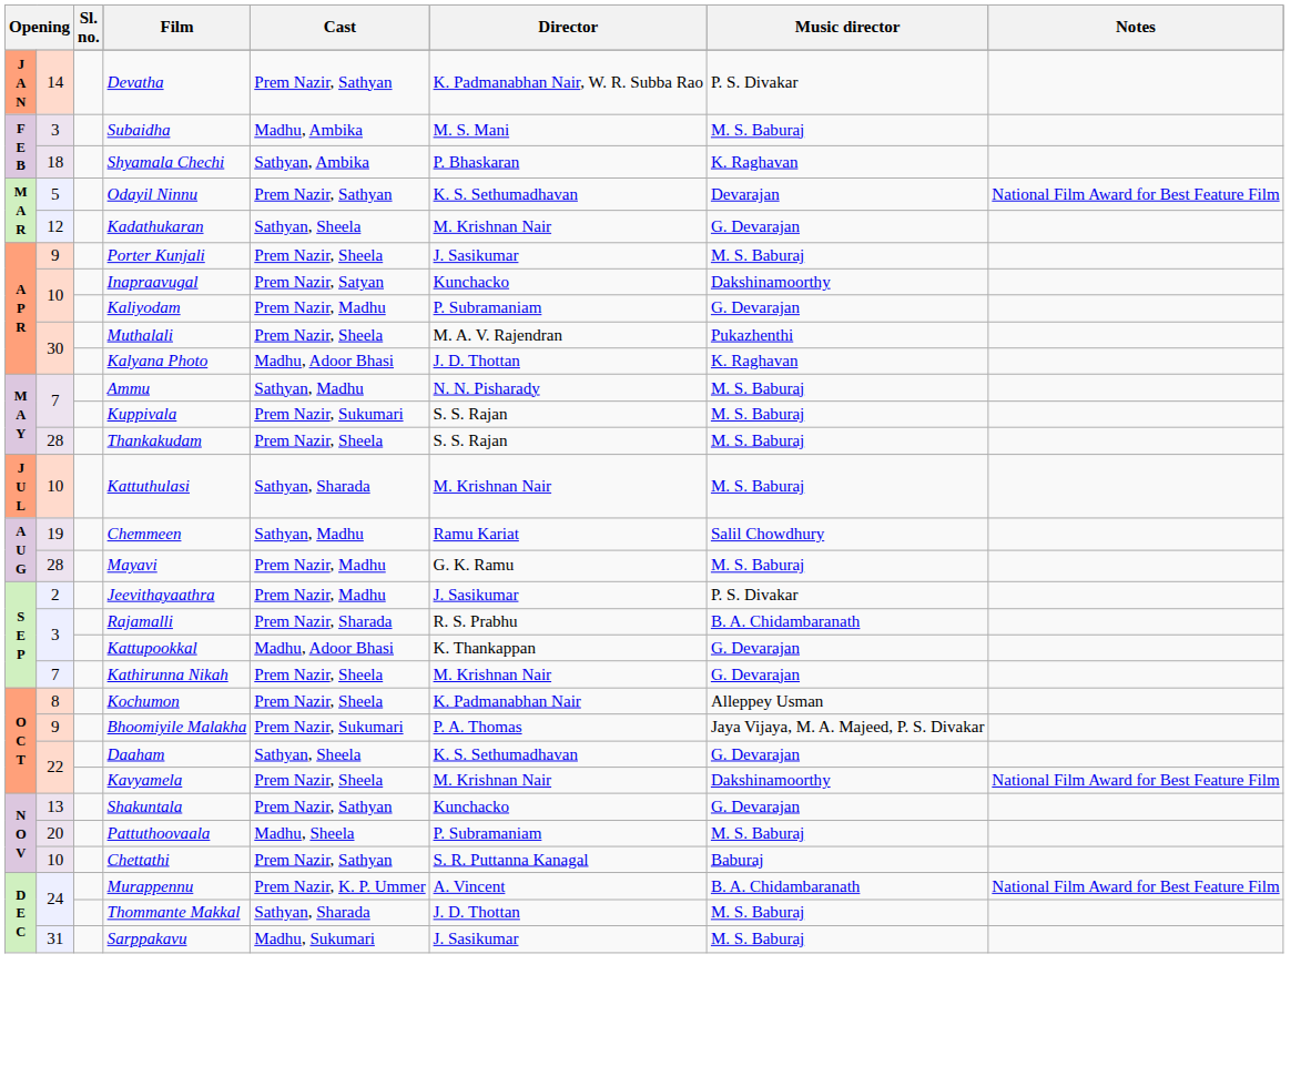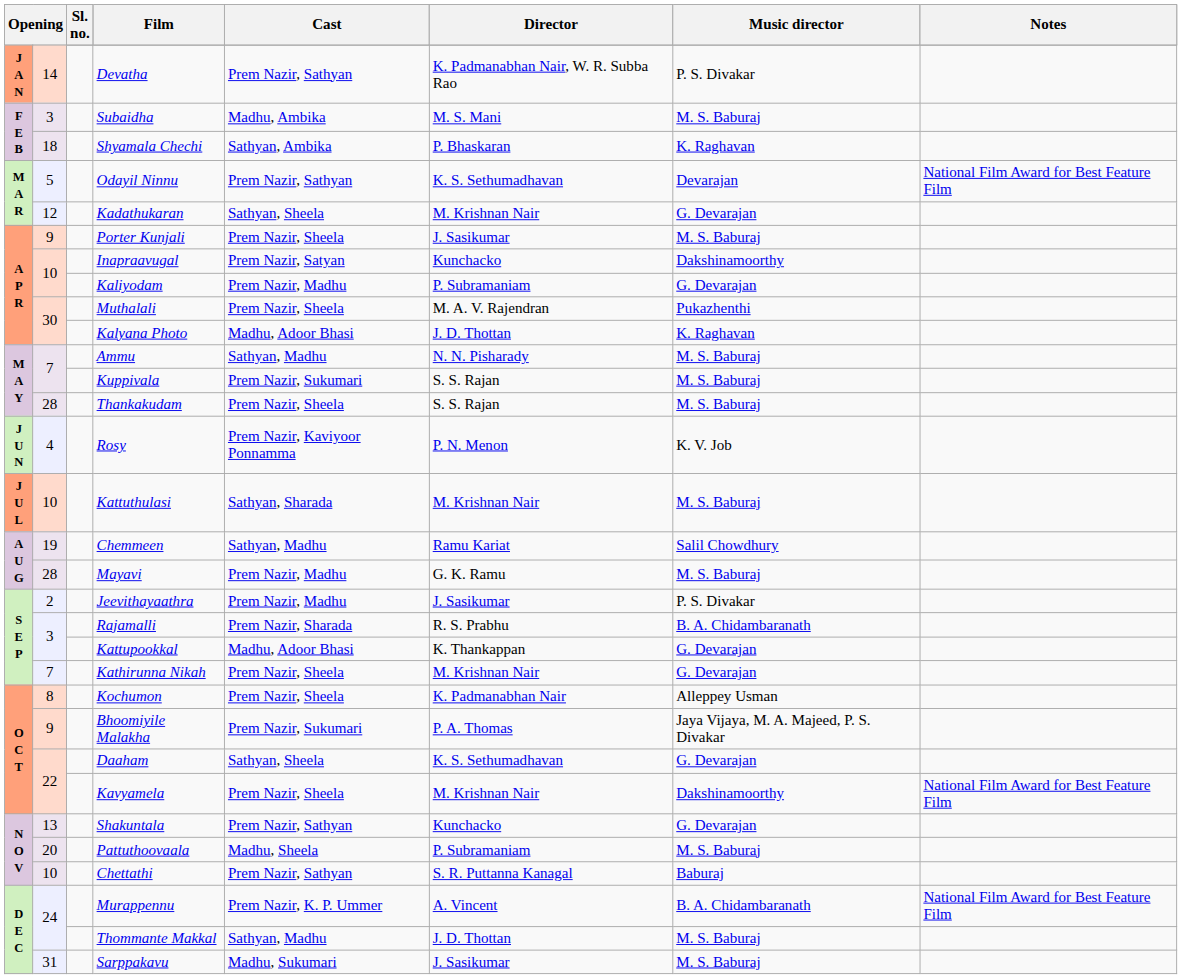 <table class="wikitable">
 <tr style="background:#000;">
 <th colspan='2'>Opening</th>
 <th>Sl.<br>no.</th>
 <th>Film</th>
 <th>Cast</th>
 <th>Director</th>
 <th>Music director</th>
 <th>Notes</th>
 </tr>
 <tr>
 <td rowspan="1" style="text-align:center; background:#ffa07a; textcolor:#000;"><small><strong>J<br>A<br>N</strong></small></td>
 <td rowspan="1"  style="text-align:center; background:#ffdacc; textcolor:#000;">14</td>
 <td valign="center"></td>
 <td><em><a href='#'>Devatha</a></em></td>
 <td><a href='#'>Prem Nazir</a>, <a href='#'>Sathyan</a></td>
 <td><a href='#'>K. Padmanabhan Nair</a>, W. R. Subba Rao</td>
 <td>P. S. Divakar</td>
 <td></td>
 </tr>
 <tr>
 <td rowspan="2" style="text-align:center; background:#dcc7df; textcolor:#000;"><small><strong>F<br>E<br>B</strong></small></td>
 <td rowspan="1"  style="text-align:center; background:#ede3ef; textcolor:#000;">3</td>
 <td valign="center"></td>
 <td><em><a href='#'>Subaidha</a></em></td>
 <td><a href='#'>Madhu</a>, <a href='#'>Ambika</a></td>
 <td><a href='#'>M. S. Mani</a></td>
 <td><a href='#'>M. S. Baburaj</a></td>
 <td></td>
 </tr>
 <tr>
 <td rowspan="1"  style="text-align:center; background:#ede3ef; textcolor:#000;">18</td>
 <td valign="center"></td>
 <td><em><a href='#'>Shyamala Chechi</a></em></td>
 <td><a href='#'>Sathyan</a>, <a href='#'>Ambika</a></td>
 <td><a href='#'>P. Bhaskaran</a></td>
 <td><a href='#'>K. Raghavan</a></td>
 <td></td>
 </tr>
 <tr>
 <td rowspan="2" style="text-align:center; background:#d0f0c0; textcolor:#000;"><small><strong>M<br>A<br>R</strong></small></td>
 <td rowspan="1"  style="text-align:center; background:#edefff; textcolor:#000;">5</td>
 <td valign="center"></td>
 <td><em><a href='#'>Odayil Ninnu</a></em></td>
 <td><a href='#'>Prem Nazir</a>, <a href='#'>Sathyan</a></td>
 <td><a href='#'>K. S. Sethumadhavan</a></td>
 <td><a href='#'>Devarajan</a></td>
 <td><a href='#'>National Film Award for Best Feature Film</a></td>
 </tr>
 <tr>
 <td rowspan="1"  style="text-align:center; background:#edefff; textcolor:#000;">12</td>
 <td valign="center"></td>
 <td><em><a href='#'>Kadathukaran</a></em></td>
 <td><a href='#'>Sathyan</a>, <a href='#'>Sheela</a></td>
 <td><a href='#'>M. Krishnan Nair</a></td>
 <td><a href='#'>G. Devarajan</a></td>
 <td></td>
 </tr>
 <tr>
 <td rowspan="5" style="text-align:center; background:#ffa07a; textcolor:#000;"><small><strong>A<br>P<br>R</strong></small></td>
 <td rowspan="1"  style="text-align:center; background:#ffdacc; textcolor:#000;">9</td>
 <td valign="center"></td>
 <td><em><a href='#'>Porter Kunjali</a></em></td>
 <td><a href='#'>Prem Nazir</a>, <a href='#'>Sheela</a></td>
 <td><a href='#'>J. Sasikumar</a></td>
 <td><a href='#'>M. S. Baburaj</a></td>
 <td></td>
 </tr>
 <tr>
 <td rowspan="2"  style="text-align:center; background:#ffdacc; textcolor:#000;">10</td>
 <td valign="center"></td>
 <td><em><a href='#'>Inapraavugal</a></em></td>
 <td><a href='#'>Prem Nazir</a>, <a href='#'>Satyan</a></td>
 <td><a href='#'>Kunchacko</a></td>
 <td><a href='#'>Dakshinamoorthy</a></td>
 <td></td>
 </tr>
 <tr>
 <td valign="center"></td>
 <td><em><a href='#'>Kaliyodam</a></em></td>
 <td><a href='#'>Prem Nazir</a>, <a href='#'>Madhu</a></td>
 <td><a href='#'>P. Subramaniam</a></td>
 <td><a href='#'>G. Devarajan</a></td>
 <td></td>
 </tr>
 <tr>
 <td rowspan="2"  style="text-align:center; background:#ffdacc; textcolor:#000;">30</td>
 <td valign="center"></td>
 <td><em><a href='#'>Muthalali</a></em></td>
 <td><a href='#'>Prem Nazir</a>, <a href='#'>Sheela</a></td>
 <td>M. A. V. Rajendran</td>
 <td><a href='#'>Pukazhenthi</a></td>
 <td></td>
 </tr>
 <tr>
 <td valign="center"></td>
 <td><em><a href='#'>Kalyana Photo</a></em></td>
 <td><a href='#'>Madhu</a>, <a href='#'>Adoor Bhasi</a></td>
 <td><a href='#'>J. D. Thottan</a></td>
 <td><a href='#'>K. Raghavan</a></td>
 <td></td>
 </tr>
 <tr>
 <td rowspan="3" style="text-align:center; background:#dcc7df; textcolor:#000;"><small><strong>M<br>A<br>Y</strong></small></td>
 <td rowspan="2"  style="text-align:center; background:#ede3ef; textcolor:#000;">7</td>
 <td valign="center"></td>
 <td><em><a href='#'>Ammu</a></em></td>
 <td><a href='#'>Sathyan</a>, <a href='#'>Madhu</a></td>
 <td><a href='#'>N. N. Pisharady</a></td>
 <td><a href='#'>M. S. Baburaj</a></td>
 <td></td>
 </tr>
 <tr>
 <td valign="center"></td>
 <td><em><a href='#'>Kuppivala</a></em></td>
 <td><a href='#'>Prem Nazir</a>, <a href='#'>Sukumari</a></td>
 <td>S. S. Rajan</td>
 <td><a href='#'>M. S. Baburaj</a></td>
 <td></td>
 </tr>
 <tr>
 <td rowspan="1"  style="text-align:center; background:#ede3ef; textcolor:#000;">28</td>
 <td valign="center"></td>
 <td><em><a href='#'>Thankakudam</a></em></td>
 <td><a href='#'>Prem Nazir</a>, <a href='#'>Sheela</a></td>
 <td>S. S. Rajan</td>
 <td><a href='#'>M. S. Baburaj</a></td>
+<td></td>
+</tr>
+<tr>
+<td rowspan="1" style="text-align:center; background:#d0f0c0; textcolor:#000;"><small><strong>J<br>U<br>N</strong></small></td>
+<td rowspan="1"  style="text-align:center; background:#edefff; textcolor:#000;">4</td>
+<td valign="center"></td>
+<td><em><a href='#'>Rosy</a></em></td>
+<td><a href='#'>Prem Nazir</a>, <a href='#'>Kaviyoor Ponnamma</a></td>
+<td><a href='#'>P. N. Menon</a></td>
+<td>K. V. Job</td>
 <td></td>
 </tr>
 <tr>
 <td rowspan="1" style="text-align:center; background:#ffa07a; textcolor:#000;"><small><strong>J<br>U<br>L</strong></small></td>
 <td rowspan="1"  style="text-align:center; background:#ffdacc; textcolor:#000;">10</td>
 <td valign="center"></td>
 <td><em><a href='#'>Kattuthulasi</a></em></td>
 <td><a href='#'>Sathyan</a>, <a href='#'>Sharada</a></td>
 <td><a href='#'>M. Krishnan Nair</a></td>
 <td><a href='#'>M. S. Baburaj</a></td>
 <td></td>
 </tr>
 <tr>
 <td rowspan="2" style="text-align:center; background:#dcc7df; textcolor:#000;"><small><strong>A<br>U<br>G</strong></small></td>
 <td rowspan="1"  style="text-align:center; background:#ede3ef; textcolor:#000;">19</td>
 <td valign="center"></td>
 <td><em><a href='#'>Chemmeen</a></em></td>
 <td><a href='#'>Sathyan</a>, <a href='#'>Madhu</a></td>
 <td><a href='#'>Ramu Kariat</a></td>
 <td><a href='#'>Salil Chowdhury</a></td>
 <td></td>
 </tr>
 <tr>
 <td rowspan="1"  style="text-align:center; background:#ede3ef; textcolor:#000;">28</td>
 <td valign="center"></td>
 <td><em><a href='#'>Mayavi</a></em></td>
 <td><a href='#'>Prem Nazir</a>, <a href='#'>Madhu</a></td>
 <td>G. K. Ramu</td>
 <td><a href='#'>M. S. Baburaj</a></td>
 <td></td>
 </tr>
 <tr>
 <td rowspan="4" style="text-align:center; background:#d0f0c0; textcolor:#000;"><small><strong>S<br>E<br>P</strong></small></td>
 <td rowspan="1"  style="text-align:center; background:#edefff; textcolor:#000;">2</td>
 <td valign="center"></td>
 <td><em><a href='#'>Jeevithayaathra</a></em></td>
 <td><a href='#'>Prem Nazir</a>, <a href='#'>Madhu</a></td>
 <td><a href='#'>J. Sasikumar</a></td>
 <td>P. S. Divakar</td>
 <td></td>
 </tr>
 <tr>
 <td rowspan="2"  style="text-align:center; background:#edefff; textcolor:#000;">3</td>
 <td valign="center"></td>
 <td><em><a href='#'>Rajamalli</a></em></td>
 <td><a href='#'>Prem Nazir</a>, <a href='#'>Sharada</a></td>
 <td>R. S. Prabhu</td>
 <td><a href='#'>B. A. Chidambaranath</a></td>
 <td></td>
 </tr>
 <tr>
 <td valign="center"></td>
 <td><em><a href='#'>Kattupookkal</a></em></td>
 <td><a href='#'>Madhu</a>, <a href='#'>Adoor Bhasi</a></td>
 <td>K. Thankappan</td>
 <td><a href='#'>G. Devarajan</a></td>
 <td></td>
 </tr>
 <tr>
 <td rowspan="1"  style="text-align:center; background:#edefff; textcolor:#000;">7</td>
 <td valign="center"></td>
 <td><em><a href='#'>Kathirunna Nikah</a></em></td>
 <td><a href='#'>Prem Nazir</a>, <a href='#'>Sheela</a></td>
 <td><a href='#'>M. Krishnan Nair</a></td>
 <td><a href='#'>G. Devarajan</a></td>
 <td></td>
 </tr>
 <tr>
 <td rowspan="4" style="text-align:center; background:#ffa07a; textcolor:#000;"><small><strong>O<br>C<br>T</strong></small></td>
 <td rowspan="1"  style="text-align:center; background:#ffdacc; textcolor:#000;">8</td>
 <td valign="center"></td>
 <td><em><a href='#'>Kochumon</a></em></td>
 <td><a href='#'>Prem Nazir</a>, <a href='#'>Sheela</a></td>
 <td><a href='#'>K. Padmanabhan Nair</a></td>
 <td>Alleppey Usman</td>
 <td></td>
 </tr>
 <tr>
 <td rowspan="1"  style="text-align:center; background:#ffdacc; textcolor:#000;">9</td>
 <td valign="center"></td>
 <td><em><a href='#'>Bhoomiyile Malakha</a></em></td>
 <td><a href='#'>Prem Nazir</a>, <a href='#'>Sukumari</a></td>
 <td><a href='#'>P. A. Thomas</a></td>
 <td>Jaya Vijaya, M. A. Majeed, P. S. Divakar</td>
 <td></td>
 </tr>
 <tr>
 <td rowspan="2"  style="text-align:center; background:#ffdacc; textcolor:#000;">22</td>
 <td valign="center"></td>
 <td><em><a href='#'>Daaham</a></em></td>
 <td><a href='#'>Sathyan</a>, <a href='#'>Sheela</a></td>
 <td><a href='#'>K. S. Sethumadhavan</a></td>
 <td><a href='#'>G. Devarajan</a></td>
 <td></td>
 </tr>
 <tr>
 <td valign="center"></td>
 <td><em><a href='#'>Kavyamela</a></em></td>
 <td><a href='#'>Prem Nazir</a>, <a href='#'>Sheela</a></td>
 <td><a href='#'>M. Krishnan Nair</a></td>
 <td><a href='#'>Dakshinamoorthy</a></td>
 <td><a href='#'>National Film Award for Best Feature Film</a></td>
 </tr>
 <tr>
 <td rowspan="3" style="text-align:center; background:#dcc7df; textcolor:#000;"><small><strong>N<br>O<br>V</strong></small></td>
 <td rowspan="1"  style="text-align:center; background:#ede3ef; textcolor:#000;">13</td>
 <td valign="center"></td>
 <td><em><a href='#'>Shakuntala</a></em></td>
 <td><a href='#'>Prem Nazir</a>, <a href='#'>Sathyan</a></td>
 <td><a href='#'>Kunchacko</a></td>
 <td><a href='#'>G. Devarajan</a></td>
 <td></td>
 </tr>
 <tr>
 <td rowspan="1"  style="text-align:center; background:#ede3ef; textcolor:#000;">20</td>
 <td valign="center"></td>
 <td><em><a href='#'>Pattuthoovaala</a></em></td>
 <td><a href='#'>Madhu</a>, <a href='#'>Sheela</a></td>
 <td><a href='#'>P. Subramaniam</a></td>
 <td><a href='#'>M. S. Baburaj</a></td>
 <td></td>
 </tr>
 <tr>
 <td rowspan="1"  style="text-align:center; background:#ede3ef; textcolor:#000;">10</td>
 <td valign="center"></td>
 <td><em><a href='#'>Chettathi</a></em></td>
 <td><a href='#'>Prem Nazir</a>, <a href='#'>Sathyan</a></td>
 <td><a href='#'>S. R. Puttanna Kanagal</a></td>
 <td><a href='#'>Baburaj</a></td>
 <td></td>
 </tr>
 <tr>
 <td rowspan="3" style="text-align:center; background:#d0f0c0; textcolor:#000;"><small><strong>D<br>E<br>C</strong></small></td>
 <td rowspan="2"  style="text-align:center; background:#edefff; textcolor:#000;">24</td>
 <td valign="center"></td>
 <td><em><a href='#'>Murappennu</a></em></td>
 <td><a href='#'>Prem Nazir</a>, <a href='#'>K. P. Ummer</a></td>
 <td><a href='#'>A. Vincent</a></td>
 <td><a href='#'>B. A. Chidambaranath</a></td>
 <td><a href='#'>National Film Award for Best Feature Film</a></td>
 </tr>
 <tr>
 <td valign="center"></td>
 <td><em><a href='#'>Thommante Makkal</a></em></td>
-<td><a href='#'>Sathyan</a>, <a href='#'>Sharada</a></td>
+<td><a href='#'>Sathyan</a>, <a href='#'>Madhu</a></td>
 <td><a href='#'>J. D. Thottan</a></td>
 <td><a href='#'>M. S. Baburaj</a></td>
 <td></td>
 </tr>
 <tr>
 <td rowspan="1"  style="text-align:center; background:#edefff; textcolor:#000;">31</td>
 <td valign="center"></td>
 <td><em><a href='#'>Sarppakavu</a></em></td>
 <td><a href='#'>Madhu</a>, <a href='#'>Sukumari</a></td>
 <td><a href='#'>J. Sasikumar</a></td>
 <td><a href='#'>M. S. Baburaj</a></td>
 <td></td>
 </tr>
 </table>
